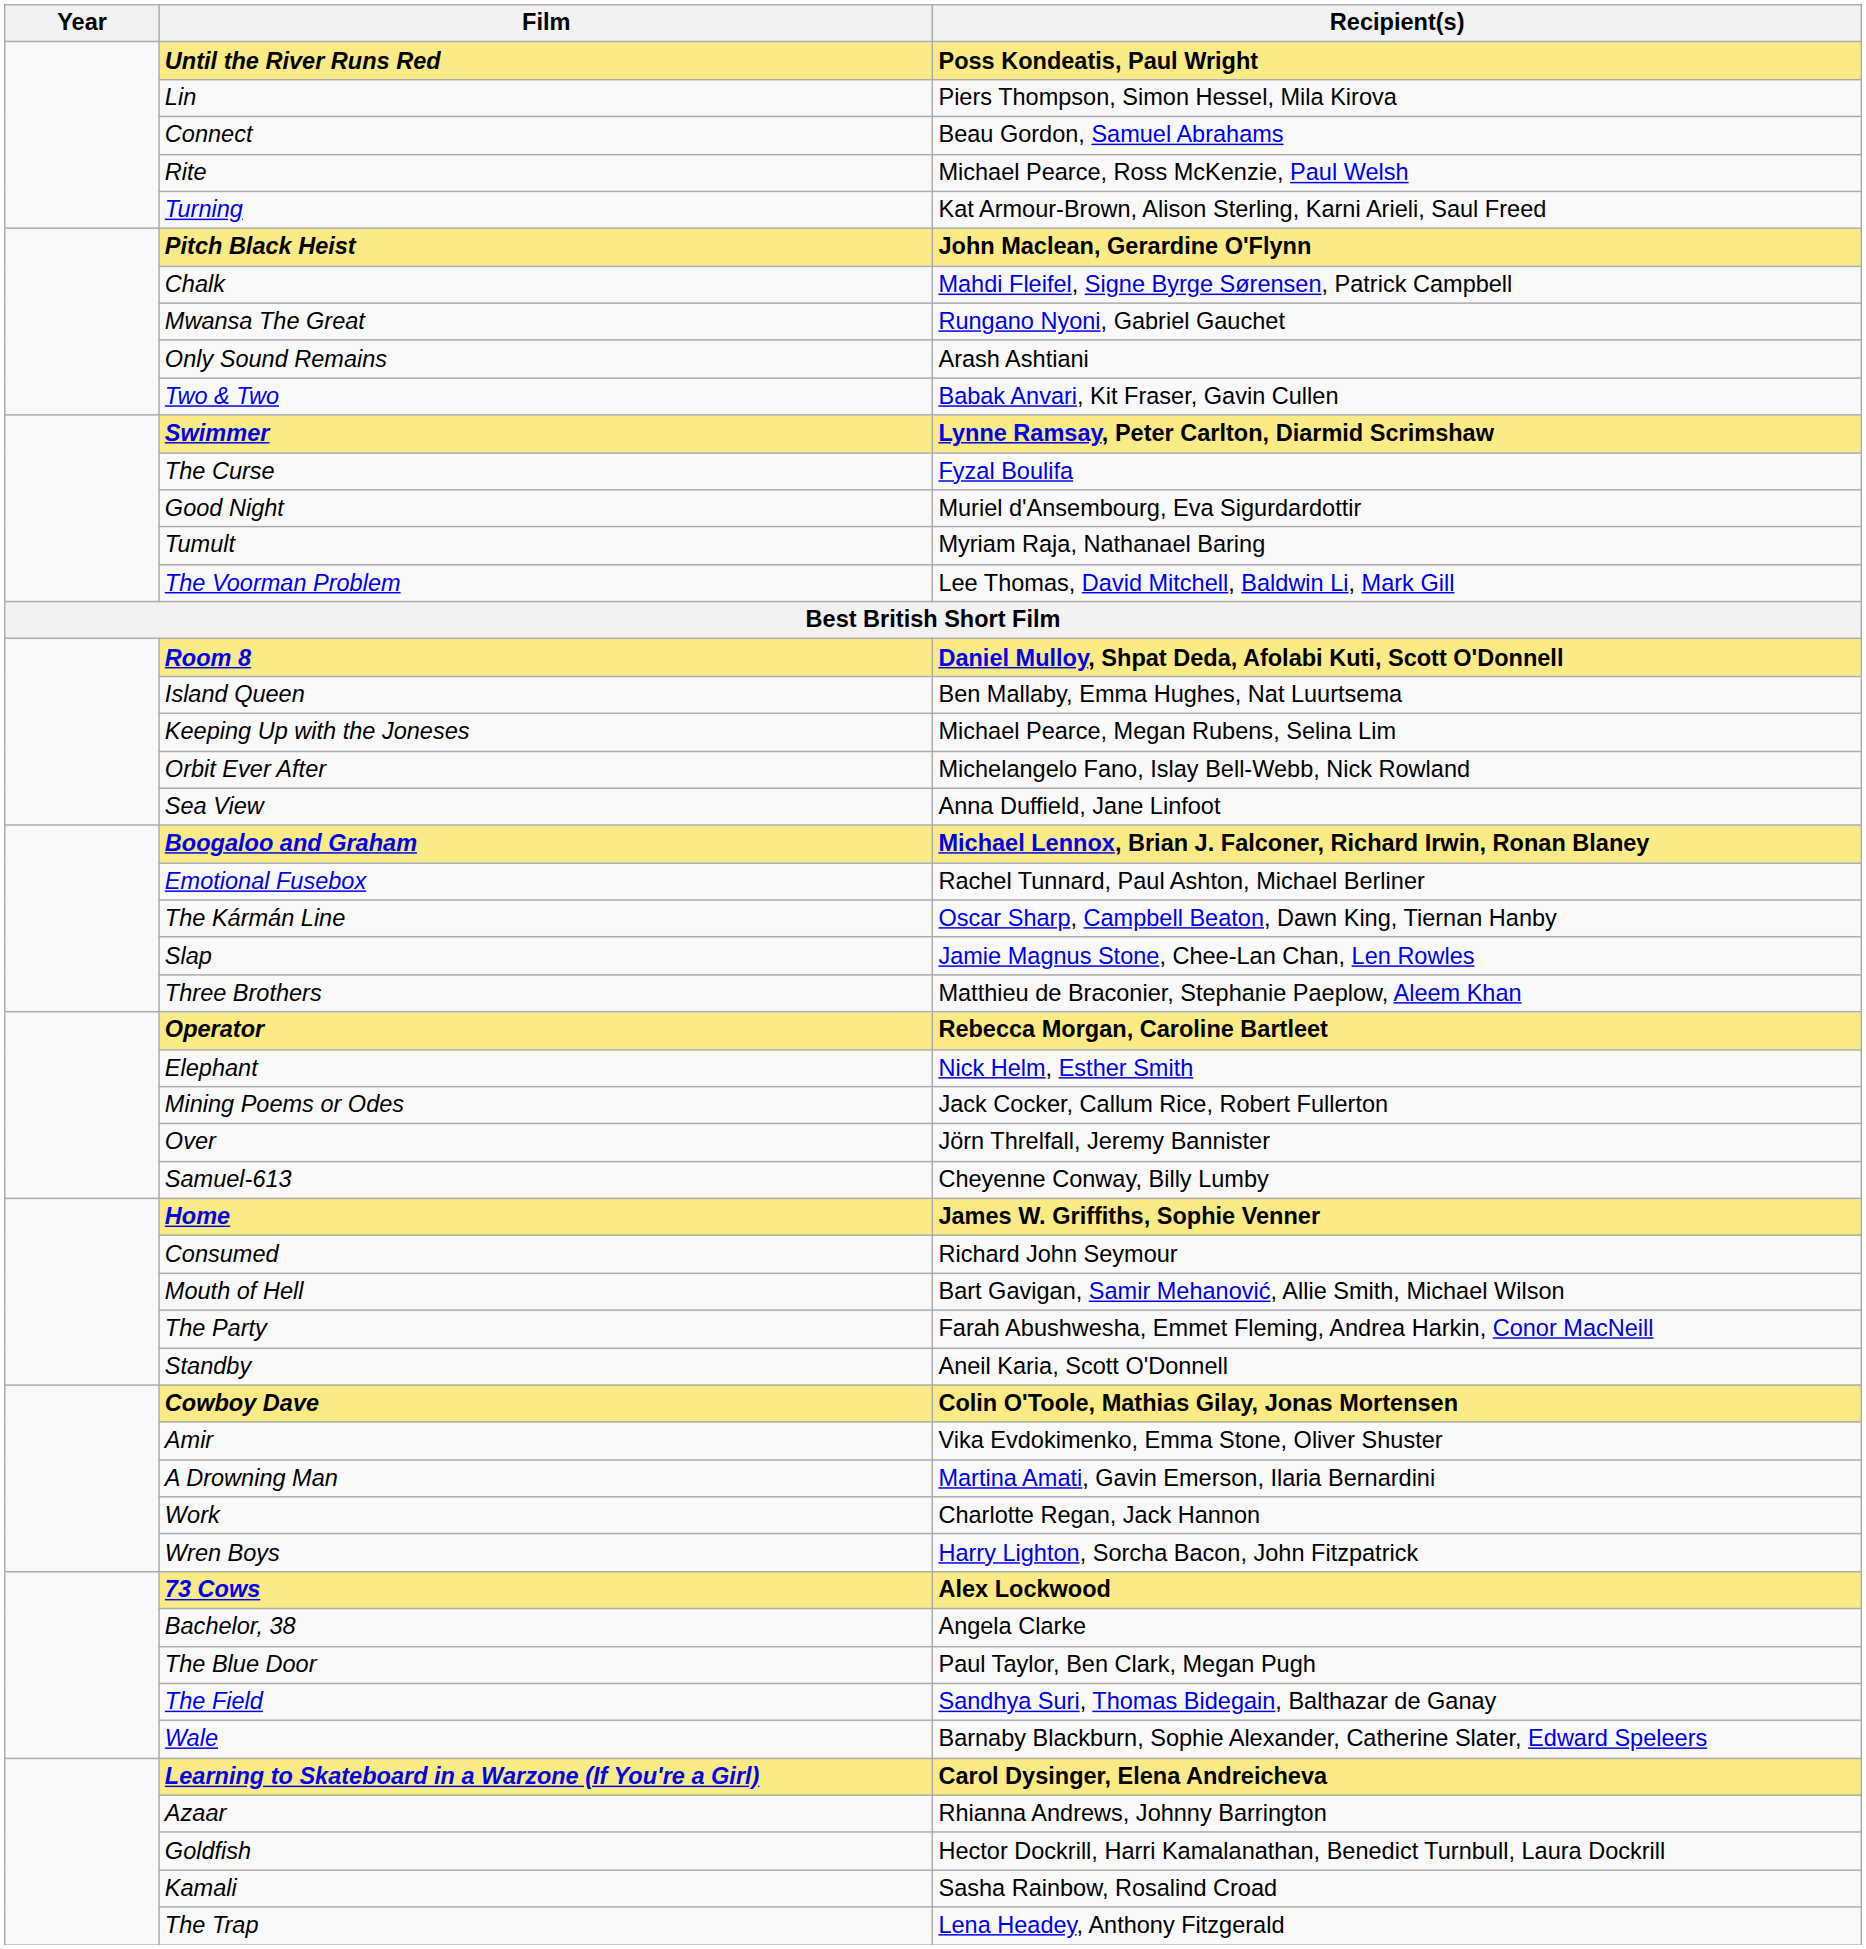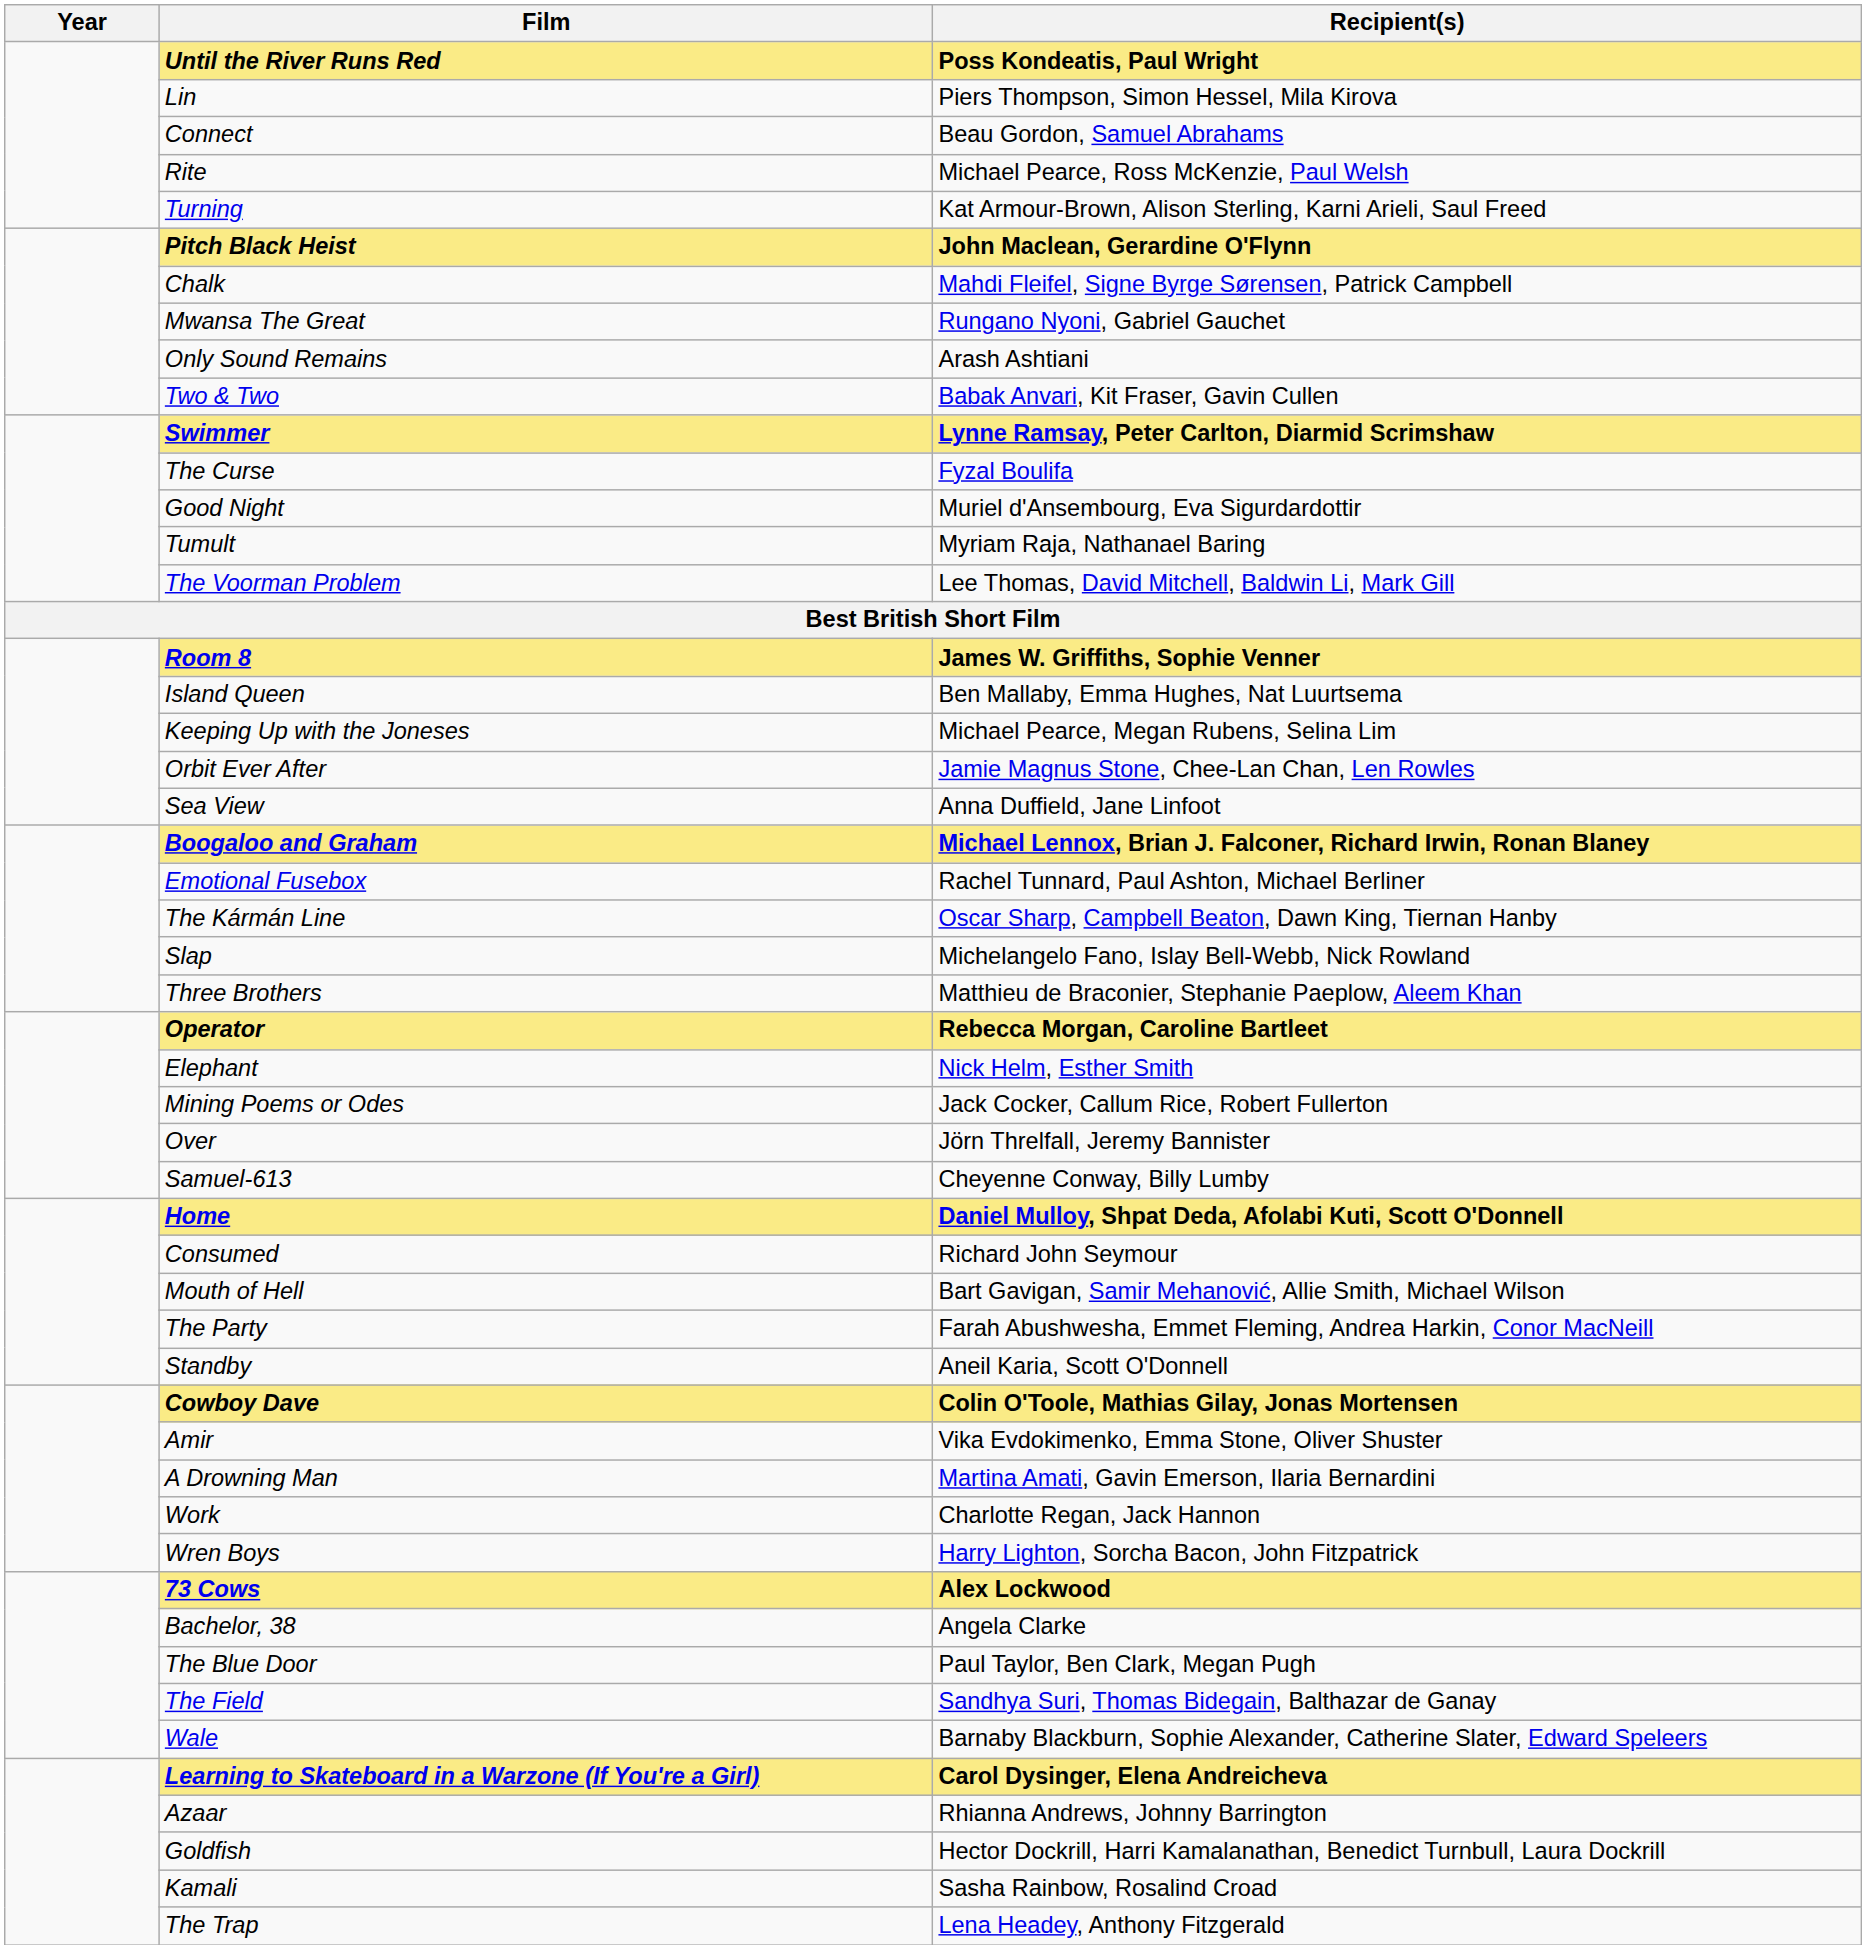 <table class="wikitable" style="width:100%;" cellpadding="5">
 <tr>
 <th style="width:5%;">Year</th>
 <th style="width:25%;">Film</th>
 <th style="width:30%;">Recipient(s)</th>
 </tr>
 <tr>
 <td rowspan="5"></td>
 <td style="background:#FAEB86"><strong><em>Until the River Runs Red</em></strong></td>
 <td style="background:#FAEB86"><strong>Poss Kondeatis, Paul Wright</strong></td>
 </tr>
 <tr>
 <td><em>Lin</em></td>
 <td>Piers Thompson, Simon Hessel, Mila Kirova</td>
 </tr>
 <tr>
 <td><em>Connect</em></td>
 <td>Beau Gordon, <a href='#'>Samuel Abrahams</a></td>
 </tr>
 <tr>
 <td><em>Rite</em></td>
 <td>Michael Pearce, Ross McKenzie, <a href='#'>Paul Welsh</a></td>
 </tr>
 <tr>
 <td><em><a href='#'>Turning</a></em></td>
 <td>Kat Armour-Brown, Alison Sterling, Karni Arieli, Saul Freed</td>
 </tr>
 <tr>
 <td rowspan="5"></td>
 <td style="background:#FAEB86"><strong><em>Pitch Black Heist</em></strong></td>
 <td style="background:#FAEB86"><strong>John Maclean, Gerardine O'Flynn</strong></td>
 </tr>
 <tr>
 <td><em>Chalk</em></td>
 <td><a href='#'>Mahdi Fleifel</a>, <a href='#'>Signe Byrge Sørensen</a>, Patrick Campbell</td>
 </tr>
 <tr>
 <td><em>Mwansa The Great</em></td>
 <td><a href='#'>Rungano Nyoni</a>, Gabriel Gauchet</td>
 </tr>
 <tr>
 <td><em>Only Sound Remains</em></td>
 <td>Arash Ashtiani</td>
 </tr>
 <tr>
 <td><em><a href='#'>Two & Two</a></em></td>
 <td><a href='#'>Babak Anvari</a>, Kit Fraser, Gavin Cullen</td>
 </tr>
 <tr>
 <td rowspan="5"></td>
 <td style="background:#FAEB86"><strong><em><a href='#'>Swimmer</a></em></strong></td>
 <td style="background:#FAEB86"><strong><a href='#'>Lynne Ramsay</a>, Peter Carlton, Diarmid Scrimshaw</strong></td>
 </tr>
 <tr>
 <td><em>The Curse</em></td>
 <td><a href='#'>Fyzal Boulifa</a></td>
 </tr>
 <tr>
 <td><em>Good Night</em></td>
 <td>Muriel d'Ansembourg, Eva Sigurdardottir</td>
 </tr>
 <tr>
 <td><em>Tumult</em></td>
 <td>Myriam Raja, Nathanael Baring</td>
 </tr>
 <tr>
 <td><em><a href='#'>The Voorman Problem</a></em></td>
 <td>Lee Thomas, <a href='#'>David Mitchell</a>, <a href='#'>Baldwin Li</a>, <a href='#'>Mark Gill</a></td>
 </tr>
 <tr>
 <th colspan="3">Best British Short Film</th>
 </tr>
 <tr>
 <td rowspan="5"></td>
 <td style="background:#FAEB86"><strong><em><a href='#'>Room 8</a></em></strong></td>
-<td style="background:#FAEB86"><strong><a href='#'>Daniel Mulloy</a>, Shpat Deda, Afolabi Kuti, Scott O'Donnell</strong></td>
+<td style="background:#FAEB86"><strong>James W. Griffiths, Sophie Venner</strong></td>
 </tr>
 <tr>
 <td><em>Island Queen</em></td>
 <td>Ben Mallaby, Emma Hughes, Nat Luurtsema</td>
 </tr>
 <tr>
 <td><em>Keeping Up with the Joneses</em></td>
 <td>Michael Pearce, Megan Rubens, Selina Lim</td>
 </tr>
 <tr>
 <td><em>Orbit Ever After</em></td>
-<td>Michelangelo Fano, Islay Bell-Webb, Nick Rowland</td>
+<td><a href='#'>Jamie Magnus Stone</a>, Chee-Lan Chan, <a href='#'>Len Rowles</a></td>
 </tr>
 <tr>
 <td><em>Sea View</em></td>
 <td>Anna Duffield, Jane Linfoot</td>
 </tr>
 <tr>
 <td rowspan="5"></td>
 <td style="background:#FAEB86"><strong><em><a href='#'>Boogaloo and Graham</a></em></strong></td>
 <td style="background:#FAEB86"><strong><a href='#'>Michael Lennox</a>, Brian J. Falconer, Richard Irwin, Ronan Blaney</strong></td>
 </tr>
 <tr>
 <td><em><a href='#'>Emotional Fusebox</a></em></td>
 <td>Rachel Tunnard, Paul Ashton, Michael Berliner</td>
 </tr>
 <tr>
 <td><em>The Kármán Line</em></td>
 <td><a href='#'>Oscar Sharp</a>, <a href='#'>Campbell Beaton</a>, Dawn King, Tiernan Hanby</td>
 </tr>
 <tr>
 <td><em>Slap</em></td>
-<td><a href='#'>Jamie Magnus Stone</a>, Chee-Lan Chan, <a href='#'>Len Rowles</a></td>
+<td>Michelangelo Fano, Islay Bell-Webb, Nick Rowland</td>
 </tr>
 <tr>
 <td><em>Three Brothers</em></td>
 <td>Matthieu de Braconier, Stephanie Paeplow, <a href='#'>Aleem Khan</a></td>
 </tr>
 <tr>
 <td rowspan="5"></td>
 <td style="background:#FAEB86"><strong><em>Operator</em></strong></td>
 <td style="background:#FAEB86"><strong>Rebecca Morgan, Caroline Bartleet</strong></td>
 </tr>
 <tr>
 <td><em>Elephant</em></td>
 <td><a href='#'>Nick Helm</a>, <a href='#'>Esther Smith</a></td>
 </tr>
 <tr>
 <td><em>Mining Poems or Odes</em></td>
 <td>Jack Cocker, Callum Rice, Robert Fullerton</td>
 </tr>
 <tr>
 <td><em>Over</em></td>
 <td>Jörn Threlfall, Jeremy Bannister</td>
 </tr>
 <tr>
 <td><em>Samuel-613</em></td>
 <td>Cheyenne Conway, Billy Lumby</td>
 </tr>
 <tr>
 <td rowspan="5"></td>
 <td style="background:#FAEB86"><strong><em><a href='#'>Home</a></em></strong></td>
-<td style="background:#FAEB86"><strong>James W. Griffiths, Sophie Venner</strong></td>
+<td style="background:#FAEB86"><strong><a href='#'>Daniel Mulloy</a>, Shpat Deda, Afolabi Kuti, Scott O'Donnell</strong></td>
 </tr>
 <tr>
 <td><em>Consumed</em></td>
 <td>Richard John Seymour</td>
 </tr>
 <tr>
 <td><em>Mouth of Hell</em></td>
 <td>Bart Gavigan, <a href='#'>Samir Mehanović</a>, Allie Smith, Michael Wilson</td>
 </tr>
 <tr>
 <td><em>The Party</em></td>
 <td>Farah Abushwesha, Emmet Fleming, Andrea Harkin, <a href='#'>Conor MacNeill</a></td>
 </tr>
 <tr>
 <td><em>Standby</em></td>
 <td>Aneil Karia, Scott O'Donnell</td>
 </tr>
 <tr>
 <td rowspan="5"></td>
 <td style="background:#FAEB86"><strong><em>Cowboy Dave</em></strong></td>
 <td style="background:#FAEB86"><strong>Colin O'Toole, Mathias Gilay, Jonas Mortensen</strong></td>
 </tr>
 <tr>
 <td><em>Amir</em></td>
 <td>Vika Evdokimenko, Emma Stone, Oliver Shuster</td>
 </tr>
 <tr>
 <td><em>A Drowning Man</em></td>
 <td><a href='#'>Martina Amati</a>, Gavin Emerson, Ilaria Bernardini</td>
 </tr>
 <tr>
 <td><em>Work</em></td>
 <td>Charlotte Regan, Jack Hannon</td>
 </tr>
 <tr>
 <td><em>Wren Boys</em></td>
 <td><a href='#'>Harry Lighton</a>, Sorcha Bacon, John Fitzpatrick</td>
 </tr>
 <tr>
 <td rowspan="5"></td>
 <td style="background:#FAEB86"><strong><em><a href='#'>73 Cows</a></em></strong></td>
 <td style="background:#FAEB86"><strong>Alex Lockwood</strong></td>
 </tr>
 <tr>
 <td><em>Bachelor, 38</em></td>
 <td>Angela Clarke</td>
 </tr>
 <tr>
 <td><em>The Blue Door</em></td>
 <td>Paul Taylor, Ben Clark, Megan Pugh</td>
 </tr>
 <tr>
 <td><em><a href='#'>The Field</a></em></td>
 <td><a href='#'>Sandhya Suri</a>, <a href='#'>Thomas Bidegain</a>, Balthazar de Ganay</td>
 </tr>
 <tr>
 <td><em><a href='#'>Wale</a></em></td>
 <td>Barnaby Blackburn, Sophie Alexander, Catherine Slater, <a href='#'>Edward Speleers</a></td>
 </tr>
 <tr>
 <td rowspan="5"></td>
 <td style="background:#FAEB86"><strong><em><a href='#'>Learning to Skateboard in a Warzone (If You're a Girl)</a></em></strong></td>
 <td style="background:#FAEB86"><strong>Carol Dysinger, Elena Andreicheva</strong></td>
 </tr>
 <tr>
 <td><em>Azaar</em></td>
 <td>Rhianna Andrews, Johnny Barrington</td>
 </tr>
 <tr>
 <td><em>Goldfish</em></td>
 <td>Hector Dockrill, Harri Kamalanathan, Benedict Turnbull, Laura Dockrill</td>
 </tr>
 <tr>
 <td><em>Kamali</em></td>
 <td>Sasha Rainbow, Rosalind Croad</td>
 </tr>
 <tr>
 <td><em>The Trap</em></td>
 <td><a href='#'>Lena Headey</a>, Anthony Fitzgerald</td>
 </tr>
 </table>
